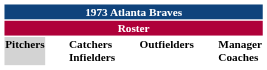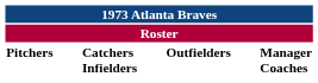 <table class="toccolours" style="font-size: 95%;">
 <tr>
 <th colspan="10" style="background-color: #0f437c; color: white; text-align: center;">1973 Atlanta Braves</th>
 </tr>
 <tr>
 <td colspan="10" style="background-color:#af0039; color: white; text-align: center;"><strong>Roster</strong></td>
 </tr>
 <tr>
-<td valign="top" style="background: lightgrey;"><strong>Pitchers</strong><br>                    </td>
+<td valign="top"><strong>Pitchers</strong><br>                    </td>
 <td width="25px"></td>
 <td valign="top"><strong>Catchers</strong><br>    <strong>Infielders</strong>            </td>
 <td width="25px"></td>
 <td valign="top"><strong>Outfielders</strong><br>     </td>
 <td width="25px"></td>
 <td valign="top"><strong>Manager</strong><br> <strong>Coaches</strong>     </td>
 </tr>
 </table>
